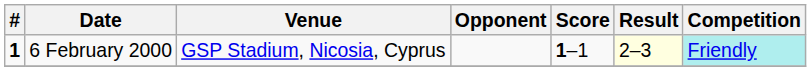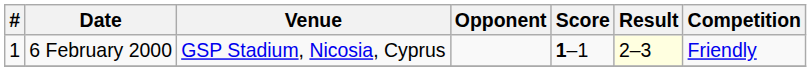 <table class="wikitable sortable" style="font-size:85%">
 <tr>
 <th>#</th>
 <th>Date</th>
 <th>Venue</th>
 <th>Opponent</th>
 <th>Score</th>
 <th>Result</th>
 <th>Competition</th>
 </tr>
 <tr>
-<td><strong>1</strong></td>
+<td>1</td>
 <td>6 February 2000</td>
 <td><a href='#'>GSP Stadium</a>, <a href='#'>Nicosia</a>, Cyprus</td>
 <td></td>
 <td><strong>1</strong>–1</td>
 <td style="background: lightyellow;">2–3</td>
-<td style="background: paleturquoise;"><a href='#'>Friendly</a></td>
+<td><a href='#'>Friendly</a></td>
 </tr>
 <tr>
 </tr>
 </table>
